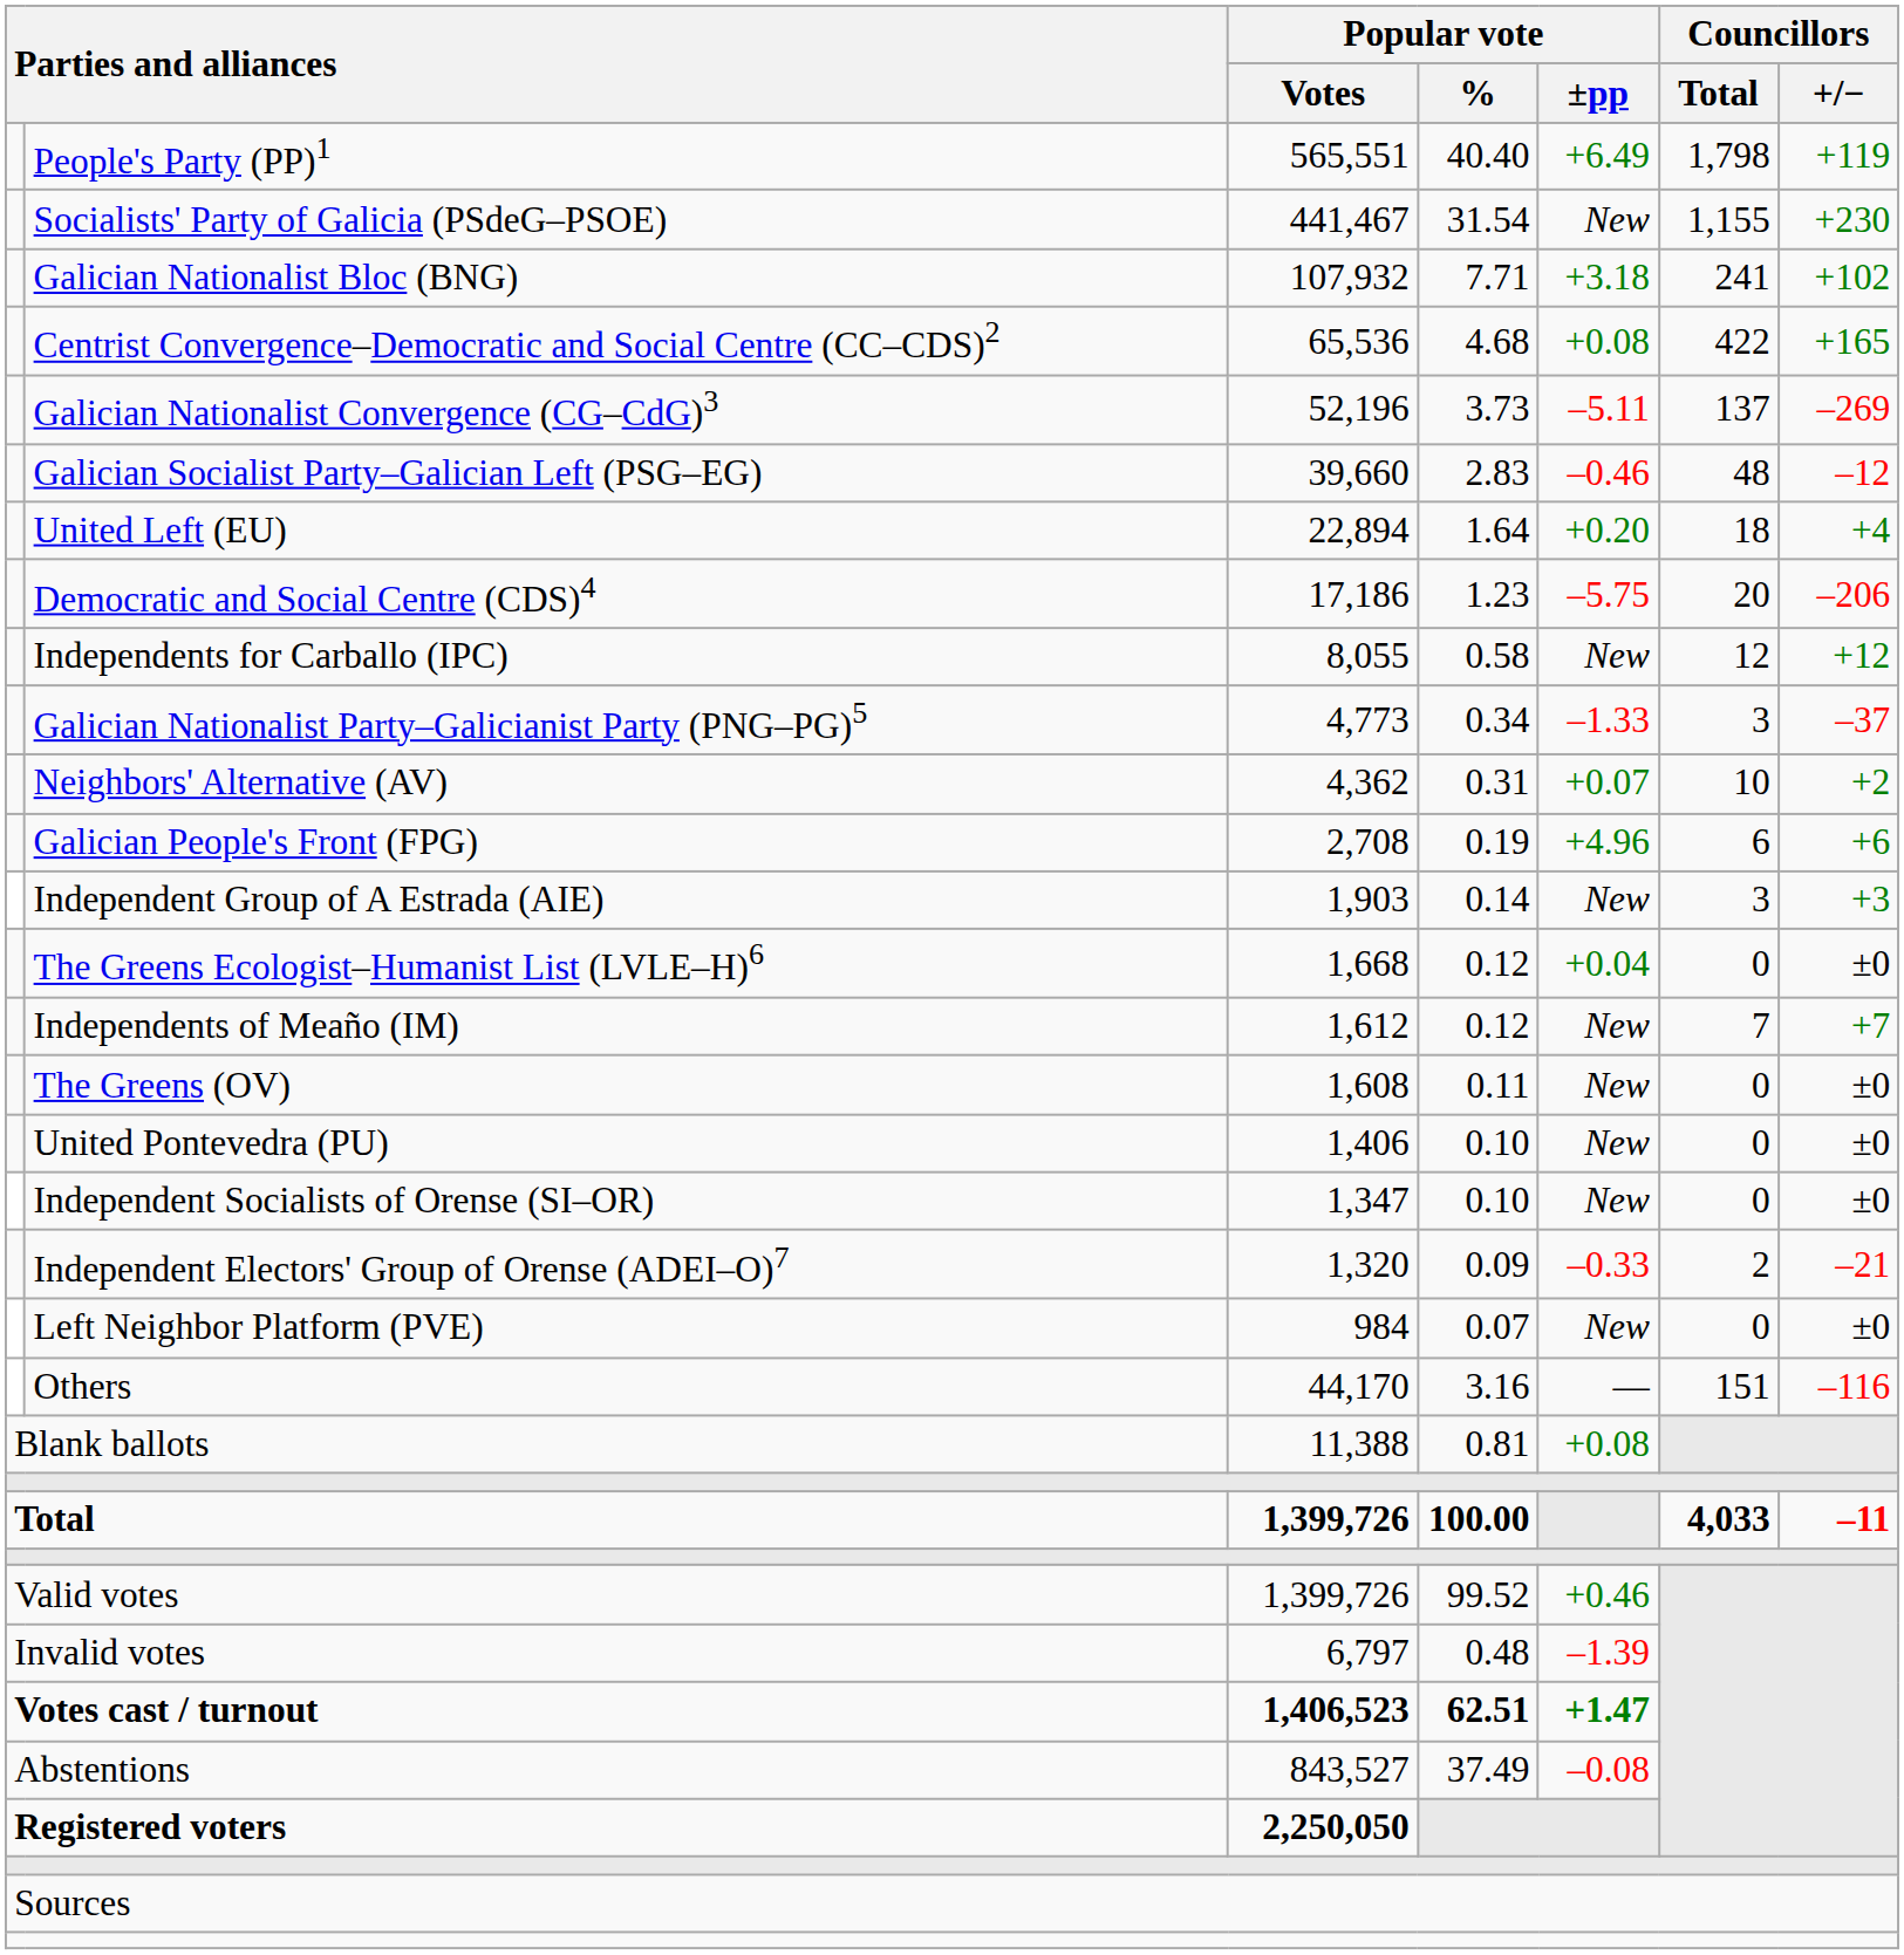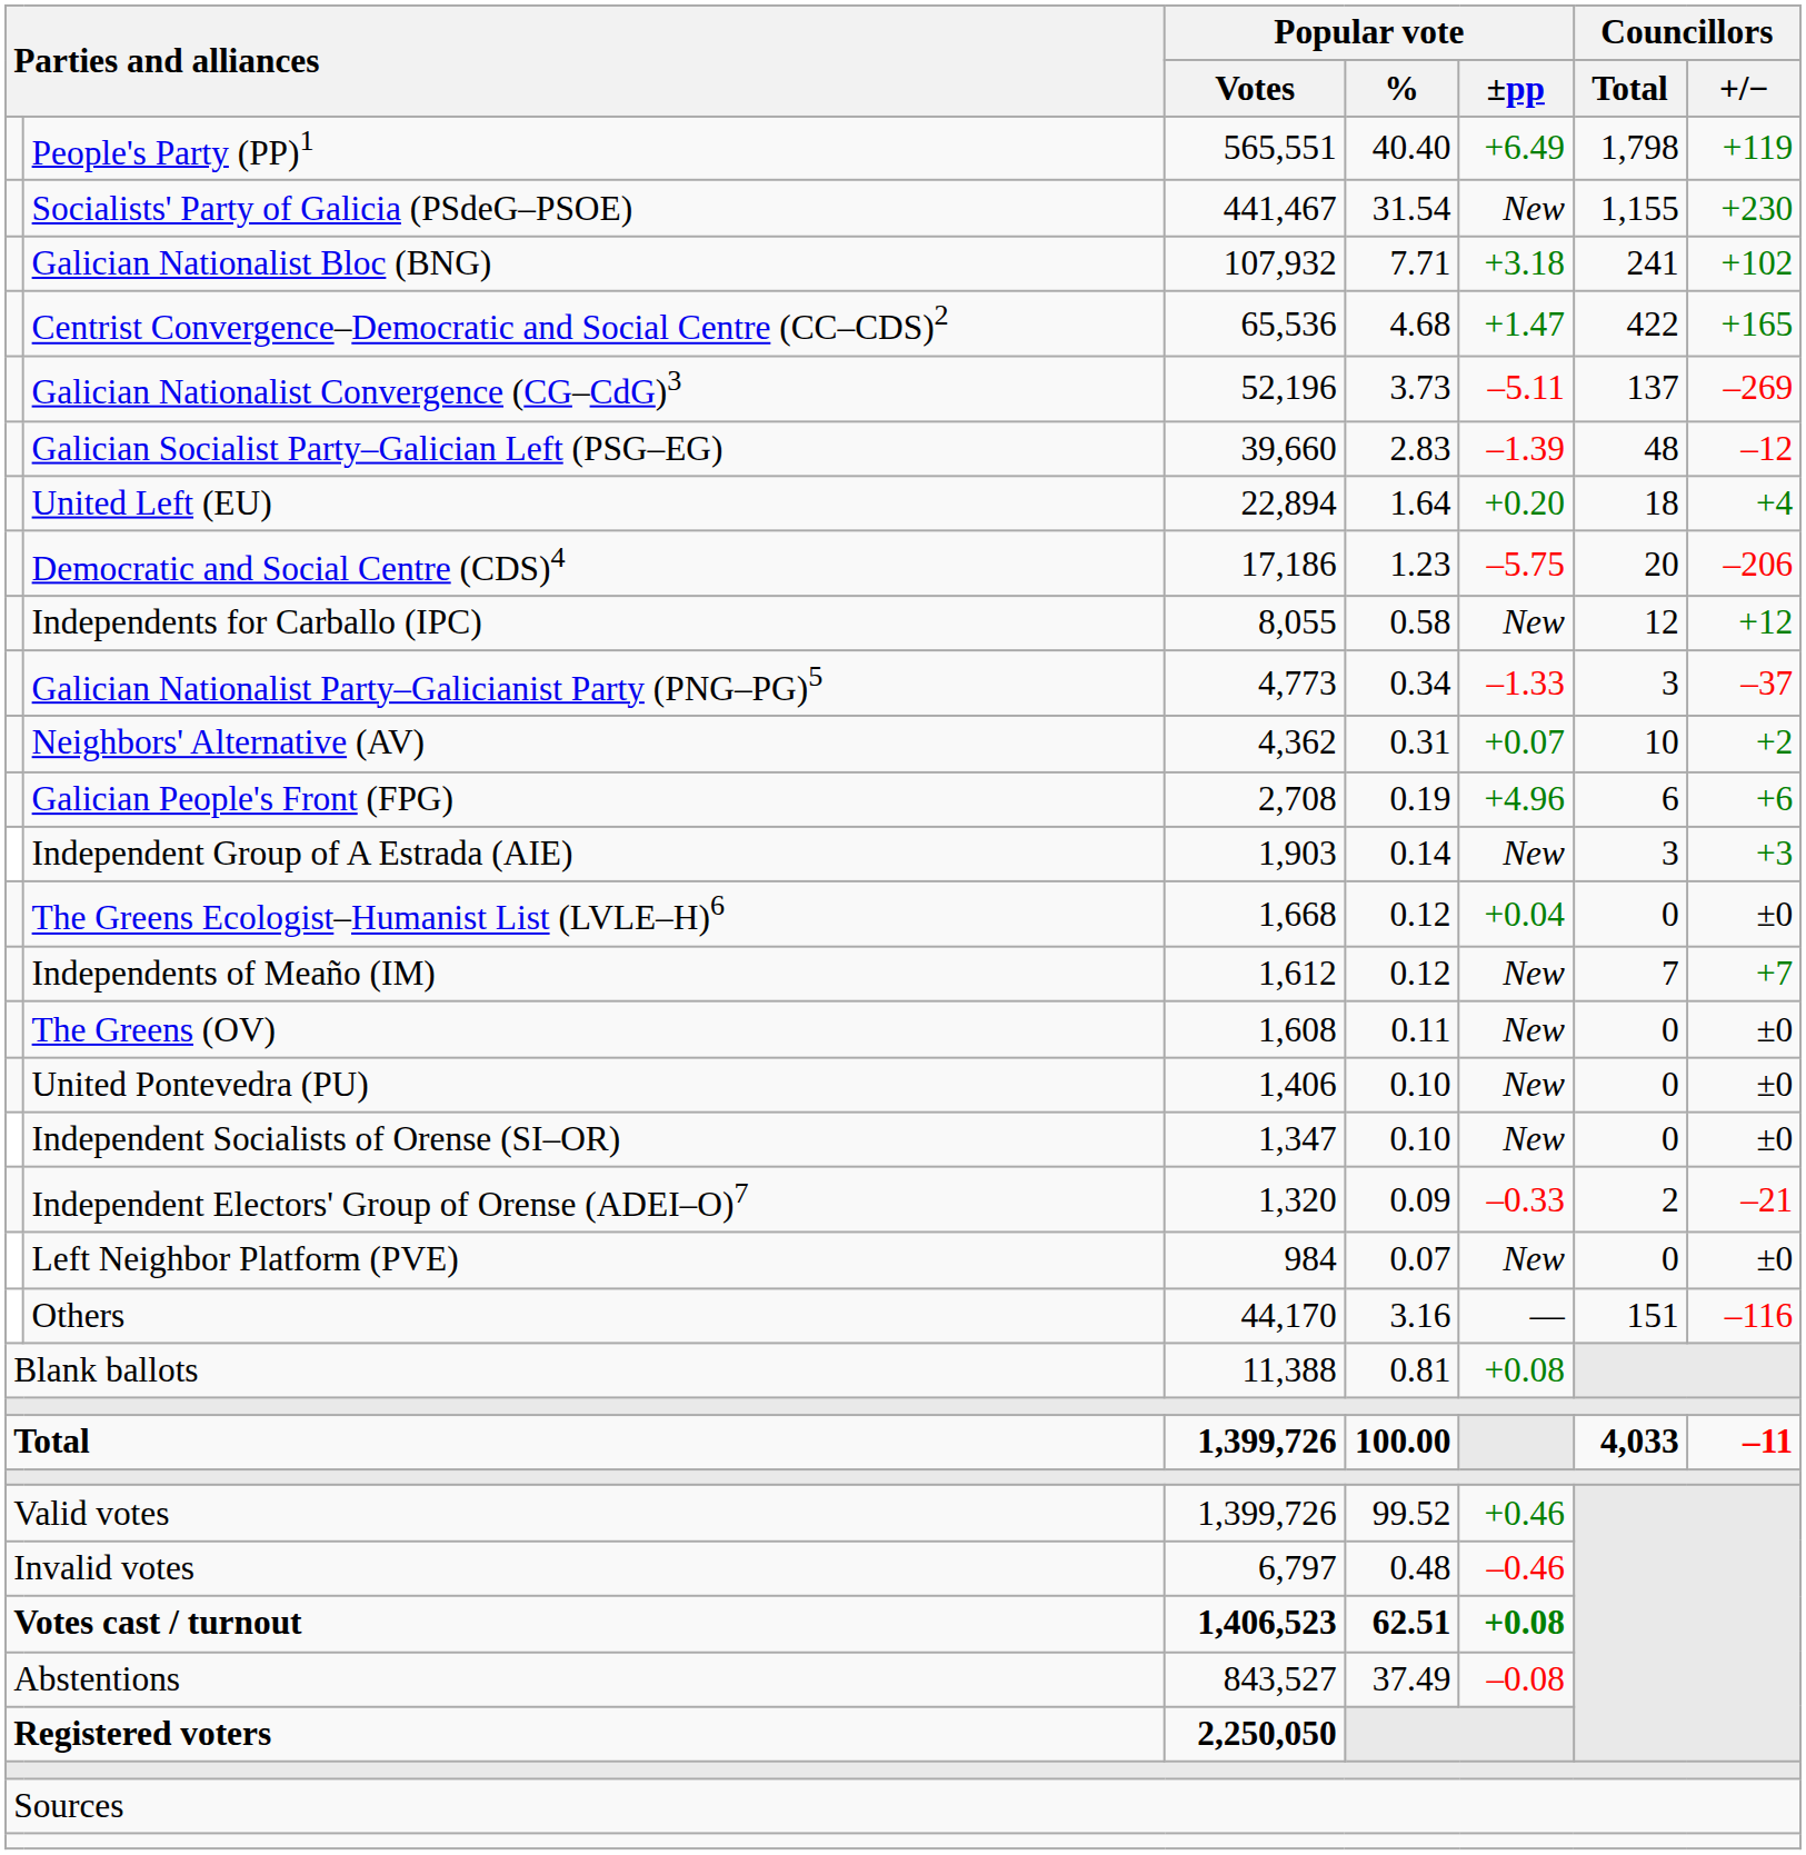 <table class="wikitable" style="text-align:right;">
 <tr>
 <th style="text-align:left;" rowspan="2" colspan="2" width="525">Parties and alliances</th>
 <th colspan="3">Popular vote</th>
 <th colspan="2">Councillors</th>
 </tr>
 <tr>
 <th width="75">Votes</th>
 <th width="45">%</th>
 <th width="45">±<a href='#'>pp</a></th>
 <th width="45">Total</th>
 <th width="45">+/−</th>
 </tr>
 <tr>
 <td width="1" style="color:inherit;background:"></td>
 <td align="left"><a href='#'>People's Party</a> (PP)<sup>1</sup></td>
 <td>565,551</td>
 <td>40.40</td>
 <td style="color:green;">+6.49</td>
 <td>1,798</td>
 <td style="color:green;">+119</td>
 </tr>
 <tr>
 <td style="color:inherit;background:"></td>
 <td align="left"><a href='#'>Socialists' Party of Galicia</a> (PSdeG–PSOE)</td>
 <td>441,467</td>
 <td>31.54</td>
 <td><em>New</em></td>
 <td>1,155</td>
 <td style="color:green;">+230</td>
 </tr>
 <tr>
 <td style="color:inherit;background:"></td>
 <td align="left"><a href='#'>Galician Nationalist Bloc</a> (BNG)</td>
 <td>107,932</td>
 <td>7.71</td>
 <td style="color:green;">+3.18</td>
 <td>241</td>
 <td style="color:green;">+102</td>
 </tr>
 <tr>
 <td style="color:inherit;background:"></td>
 <td align="left"><a href='#'>Centrist Convergence</a>–<a href='#'>Democratic and Social Centre</a> (CC–CDS)<sup>2</sup></td>
 <td>65,536</td>
 <td>4.68</td>
-<td style="color:green;">+0.08</td>
+<td style="color:green;">+1.47</td>
 <td>422</td>
 <td style="color:green;">+165</td>
 </tr>
 <tr>
 <td style="color:inherit;background:"></td>
 <td align="left"><a href='#'>Galician Nationalist Convergence</a> (<a href='#'>CG</a>–<a href='#'>CdG</a>)<sup>3</sup></td>
 <td>52,196</td>
 <td>3.73</td>
 <td style="color:red;">–5.11</td>
 <td>137</td>
 <td style="color:red;">–269</td>
 </tr>
 <tr>
 <td style="color:inherit;background:"></td>
 <td align="left"><a href='#'>Galician Socialist Party–Galician Left</a> (PSG–EG)</td>
 <td>39,660</td>
 <td>2.83</td>
-<td style="color:red;">–0.46</td>
+<td style="color:red;">–1.39</td>
 <td>48</td>
 <td style="color:red;">–12</td>
 </tr>
 <tr>
 <td style="color:inherit;background:"></td>
 <td align="left"><a href='#'>United Left</a> (EU)</td>
 <td>22,894</td>
 <td>1.64</td>
 <td style="color:green;">+0.20</td>
 <td>18</td>
 <td style="color:green;">+4</td>
 </tr>
 <tr>
 <td style="color:inherit;background:"></td>
 <td align="left"><a href='#'>Democratic and Social Centre</a> (CDS)<sup>4</sup></td>
 <td>17,186</td>
 <td>1.23</td>
 <td style="color:red;">–5.75</td>
 <td>20</td>
 <td style="color:red;">–206</td>
 </tr>
 <tr>
 <td style="color:inherit;background:"></td>
 <td align="left">Independents for Carballo (IPC)</td>
 <td>8,055</td>
 <td>0.58</td>
 <td><em>New</em></td>
 <td>12</td>
 <td style="color:green;">+12</td>
 </tr>
 <tr>
 <td style="color:inherit;background:"></td>
 <td align="left"><a href='#'>Galician Nationalist Party–Galicianist Party</a> (PNG–PG)<sup>5</sup></td>
 <td>4,773</td>
 <td>0.34</td>
 <td style="color:red;">–1.33</td>
 <td>3</td>
 <td style="color:red;">–37</td>
 </tr>
 <tr>
 <td style="color:inherit;background:"></td>
 <td align="left"><a href='#'>Neighbors' Alternative</a> (AV)</td>
 <td>4,362</td>
 <td>0.31</td>
 <td style="color:green;">+0.07</td>
 <td>10</td>
 <td style="color:green;">+2</td>
 </tr>
 <tr>
 <td style="color:inherit;background:"></td>
 <td align="left"><a href='#'>Galician People's Front</a> (FPG)</td>
 <td>2,708</td>
 <td>0.19</td>
 <td style="color:green;">+4.96</td>
 <td>6</td>
 <td style="color:green;">+6</td>
 </tr>
 <tr>
 <td bgcolor="white"></td>
 <td align="left">Independent Group of A Estrada (AIE)</td>
 <td>1,903</td>
 <td>0.14</td>
 <td><em>New</em></td>
 <td>3</td>
 <td style="color:green;">+3</td>
 </tr>
 <tr>
 <td style="color:inherit;background:"></td>
 <td align="left"><a href='#'>The Greens Ecologist</a>–<a href='#'>Humanist List</a> (LVLE–H)<sup>6</sup></td>
 <td>1,668</td>
 <td>0.12</td>
 <td style="color:green;">+0.04</td>
 <td>0</td>
 <td>±0</td>
 </tr>
 <tr>
 <td style="color:inherit;background:"></td>
 <td align="left">Independents of Meaño (IM)</td>
 <td>1,612</td>
 <td>0.12</td>
 <td><em>New</em></td>
 <td>7</td>
 <td style="color:green;">+7</td>
 </tr>
 <tr>
 <td style="color:inherit;background:"></td>
 <td align="left"><a href='#'>The Greens</a> (OV)</td>
 <td>1,608</td>
 <td>0.11</td>
 <td><em>New</em></td>
 <td>0</td>
 <td>±0</td>
 </tr>
 <tr>
 <td style="color:inherit;background:"></td>
 <td align="left">United Pontevedra (PU)</td>
 <td>1,406</td>
 <td>0.10</td>
 <td><em>New</em></td>
 <td>0</td>
 <td>±0</td>
 </tr>
 <tr>
 <td bgcolor="white"></td>
 <td align="left">Independent Socialists of Orense (SI–OR)</td>
 <td>1,347</td>
 <td>0.10</td>
 <td><em>New</em></td>
 <td>0</td>
 <td>±0</td>
 </tr>
 <tr>
 <td style="color:inherit;background:"></td>
 <td align="left">Independent Electors' Group of Orense (ADEI–O)<sup>7</sup></td>
 <td>1,320</td>
 <td>0.09</td>
 <td style="color:red;">–0.33</td>
 <td>2</td>
 <td style="color:red;">–21</td>
 </tr>
 <tr>
 <td bgcolor="white"></td>
 <td align="left">Left Neighbor Platform (PVE)</td>
 <td>984</td>
 <td>0.07</td>
 <td><em>New</em></td>
 <td>0</td>
 <td>±0</td>
 </tr>
 <tr>
 <td bgcolor="white"></td>
 <td align="left">Others</td>
 <td>44,170</td>
 <td>3.16</td>
 <td>—</td>
 <td>151</td>
 <td style="color:red;">–116</td>
 </tr>
 <tr>
 <td align="left" colspan="2">Blank ballots</td>
 <td>11,388</td>
 <td>0.81</td>
 <td style="color:green;">+0.08</td>
 <td bgcolor="#E9E9E9" colspan="2"></td>
 </tr>
 <tr>
 <td colspan="7" bgcolor="#E9E9E9"></td>
 </tr>
 <tr style="font-weight:bold;">
 <td align="left" colspan="2">Total</td>
 <td>1,399,726</td>
 <td>100.00</td>
 <td bgcolor="#E9E9E9"></td>
 <td>4,033</td>
 <td style="color:red;">–11</td>
 </tr>
 <tr>
 <td colspan="7" bgcolor="#E9E9E9"></td>
 </tr>
 <tr>
 <td align="left" colspan="2">Valid votes</td>
 <td>1,399,726</td>
 <td>99.52</td>
 <td style="color:green;">+0.46</td>
 <td bgcolor="#E9E9E9" colspan="2" rowspan="5"></td>
 </tr>
 <tr>
 <td align="left" colspan="2">Invalid votes</td>
 <td>6,797</td>
 <td>0.48</td>
-<td style="color:red;">–1.39</td>
+<td style="color:red;">–0.46</td>
 </tr>
 <tr style="font-weight:bold;">
 <td align="left" colspan="2">Votes cast / turnout</td>
 <td>1,406,523</td>
 <td>62.51</td>
-<td style="color:green;">+1.47</td>
+<td style="color:green;">+0.08</td>
 </tr>
 <tr>
 <td align="left" colspan="2">Abstentions</td>
 <td>843,527</td>
 <td>37.49</td>
 <td style="color:red;">–0.08</td>
 </tr>
 <tr style="font-weight:bold;">
 <td align="left" colspan="2">Registered voters</td>
 <td>2,250,050</td>
 <td bgcolor="#E9E9E9" colspan="2"></td>
 </tr>
 <tr>
 <td colspan="7" bgcolor="#E9E9E9"></td>
 </tr>
 <tr>
 <td align="left" colspan="7">Sources</td>
 </tr>
 <tr>
 <td colspan="7" style="text-align:left; max-width:790px;"></td>
 </tr>
 </table>
